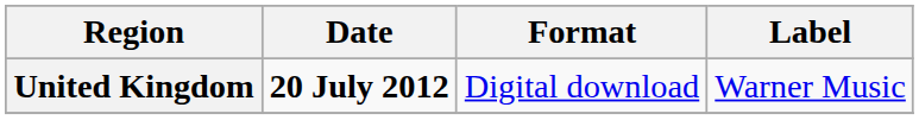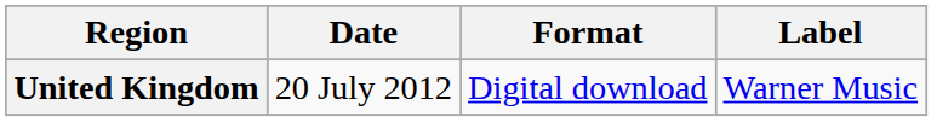 <table class="wikitable plainrowheaders">
 <tr>
 <th>Region</th>
 <th>Date</th>
 <th>Format</th>
 <th>Label</th>
 </tr>
 <tr>
 <th scope="row">United Kingdom</th>
-<td><strong>20 July 2012</strong></td>
+<td>20 July 2012</td>
 <td><a href='#'>Digital download</a></td>
 <td><a href='#'>Warner Music</a></td>
 </tr>
 <tr>
 </tr>
 </table>
